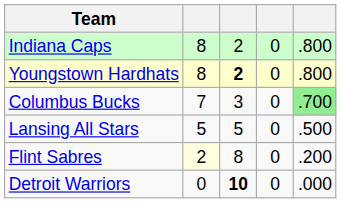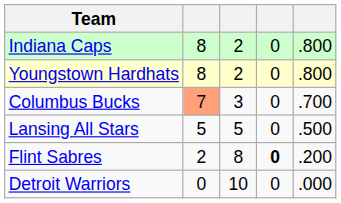 <table class="wikitable" style="font-size:95%; text-align:center">
 <tr>
 <th>Team</th>
 <th width="25"></th>
 <th width="25"></th>
 <th width="25"></th>
 <th width="30"></th>
 </tr>
 <tr style="background:#cfc;">
 <td style="text-align:left;"><a href='#'>Indiana Caps</a></td>
 <td>8</td>
 <td>2</td>
 <td>0</td>
 <td>.800</td>
 </tr>
 <tr style="background:#ffc;">
 <td style="text-align:left;"><a href='#'>Youngstown Hardhats</a></td>
 <td>8</td>
-<td><strong>2</strong></td>
+<td>2</td>
 <td>0</td>
 <td>.800</td>
 </tr>
 <tr>
 <td style="text-align:left;"><a href='#'>Columbus Bucks</a></td>
-<td>7</td>
+<td style="background: lightsalmon;">7</td>
 <td>3</td>
 <td>0</td>
-<td style="background: lightgreen;">.700</td>
+<td>.700</td>
 </tr>
 <tr>
 <td style="text-align:left;"><a href='#'>Lansing All Stars</a></td>
 <td>5</td>
 <td>5</td>
 <td>0</td>
 <td>.500</td>
 </tr>
 <tr>
 <td style="text-align:left;"><a href='#'>Flint Sabres</a></td>
-<td style="background: lightyellow;">2</td>
+<td>2</td>
 <td>8</td>
-<td>0</td>
+<td><strong>0</strong></td>
 <td>.200</td>
 </tr>
 <tr>
 <td style="text-align:left;"><a href='#'>Detroit Warriors</a></td>
 <td>0</td>
-<td><strong>10</strong></td>
+<td>10</td>
 <td>0</td>
 <td>.000</td>
 </tr>
 </table>
